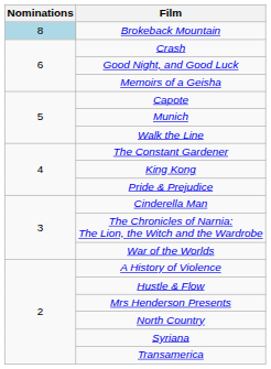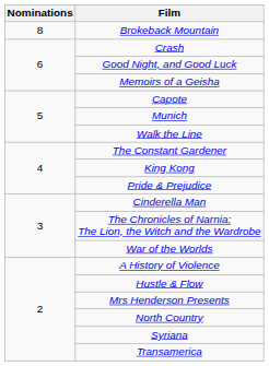 <table class="wikitable" rowspan="2" style="text-align:center;">
 <tr>
 <th scope="col" style="width:55px;">Nominations</th>
 <th scope="col" style="text-align:center;">Film</th>
 </tr>
 <tr>
-<td style="background: lightblue;">8</td>
+<td>8</td>
 <td><em><a href='#'>Brokeback Mountain</a></em></td>
 </tr>
 <tr>
 <td rowspan="3" style="text-align:center">6</td>
 <td><em><a href='#'>Crash</a></em></td>
 </tr>
 <tr>
 <td><em><a href='#'>Good Night, and Good Luck</a></em></td>
 </tr>
 <tr>
 <td><em><a href='#'>Memoirs of a Geisha</a></em></td>
 </tr>
 <tr>
 <td rowspan="3" style="text-align:center">5</td>
 <td><em><a href='#'>Capote</a></em></td>
 </tr>
 <tr>
 <td><em><a href='#'>Munich</a></em></td>
 </tr>
 <tr>
 <td><em><a href='#'>Walk the Line</a></em></td>
 </tr>
 <tr>
 <td rowspan="3" style="text-align:center">4</td>
 <td><em><a href='#'>The Constant Gardener</a></em></td>
 </tr>
 <tr>
 <td><em><a href='#'>King Kong</a></em></td>
 </tr>
 <tr>
 <td><em><a href='#'>Pride & Prejudice</a></em></td>
 </tr>
 <tr>
 <td rowspan="3" style="text-align:center">3</td>
 <td><em><a href='#'>Cinderella Man</a></em></td>
 </tr>
 <tr>
 <td><em><a href='#'>The Chronicles of Narnia:<br>The Lion, the Witch and the Wardrobe</a></em></td>
 </tr>
 <tr>
 <td><em><a href='#'>War of the Worlds</a></em></td>
 </tr>
 <tr>
 <td rowspan="6" style="text-align:center">2</td>
 <td><em><a href='#'>A History of Violence</a></em></td>
 </tr>
 <tr>
 <td><em><a href='#'>Hustle & Flow</a></em></td>
 </tr>
 <tr>
 <td><em><a href='#'>Mrs Henderson Presents</a></em></td>
 </tr>
 <tr>
 <td><em><a href='#'>North Country</a></em></td>
 </tr>
 <tr>
 <td><em><a href='#'>Syriana</a></em></td>
 </tr>
 <tr>
 <td><em><a href='#'>Transamerica</a></em></td>
 </tr>
 </table>
